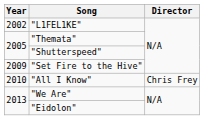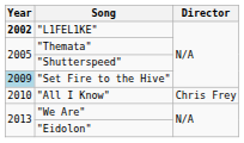 <table class="wikitable">
 <tr>
 <th>Year</th>
 <th>Song</th>
 <th>Director</th>
 </tr>
 <tr>
-<td>2002</td>
+<td><strong>2002</strong></td>
 <td>"L1FEL1KE"</td>
 <td rowspan="4">N/A</td>
 </tr>
 <tr>
 <td rowspan="2">2005</td>
 <td>"Themata"</td>
 </tr>
 <tr>
 <td>"Shutterspeed"</td>
 </tr>
 <tr>
-<td>2009</td>
+<td style="background: lightblue;">2009</td>
 <td>"Set Fire to the Hive"</td>
 </tr>
 <tr>
 <td>2010</td>
 <td>"All I Know"</td>
 <td>Chris Frey</td>
 </tr>
 <tr>
 <td rowspan="2">2013</td>
 <td>"We Are"</td>
 <td rowspan="2">N/A</td>
 </tr>
 <tr>
 <td>"Eidolon"</td>
 </tr>
 </table>
